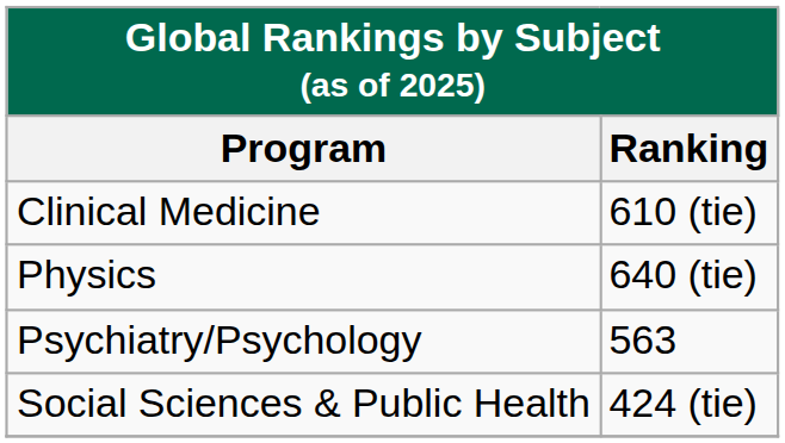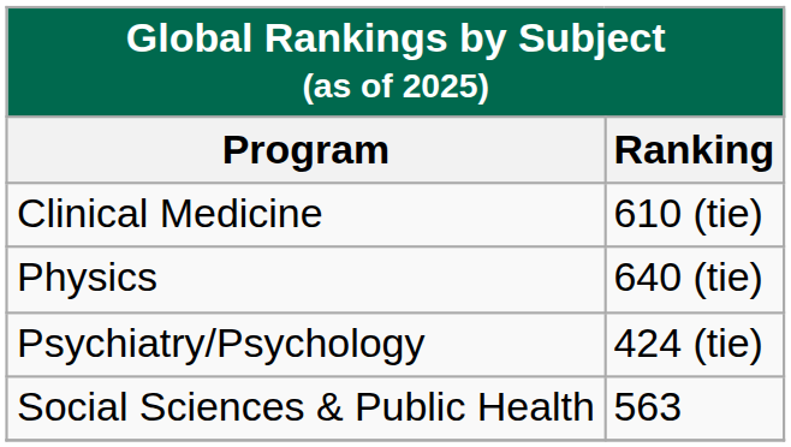 <table class="wikitable sortable collapsible collapsed" style="float:right;clear:right;" "text-align:center">
 <tr>
 <th colspan=4 style="background:#00694E; color:#ffffff; ">Global Rankings by Subject<br><small>(as of 2025)</small></th>
 </tr>
 <tr>
 <th>Program</th>
 <th>Ranking</th>
 </tr>
 <tr>
 <td>Clinical Medicine</td>
 <td>610 (tie)</td>
 </tr>
 <tr>
 <td>Physics</td>
 <td>640 (tie)</td>
 </tr>
 <tr>
 <td>Psychiatry/Psychology</td>
-<td>563</td>
+<td>424 (tie)</td>
 </tr>
 <tr>
 <td>Social Sciences & Public Health</td>
-<td>424 (tie)</td>
+<td>563</td>
 </tr>
 <tr>
 </tr>
 </table>
